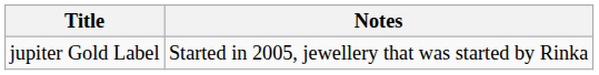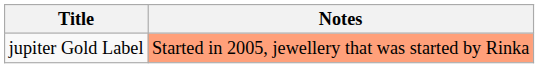 <table class="wikitable">
 <tr>
 <th>Title</th>
 <th>Notes</th>
 </tr>
 <tr>
 <td>jupiter Gold Label</td>
-<td>Started in 2005, jewellery that was started by Rinka</td>
+<td style="background: lightsalmon;">Started in 2005, jewellery that was started by Rinka</td>
 </tr>
 </table>
